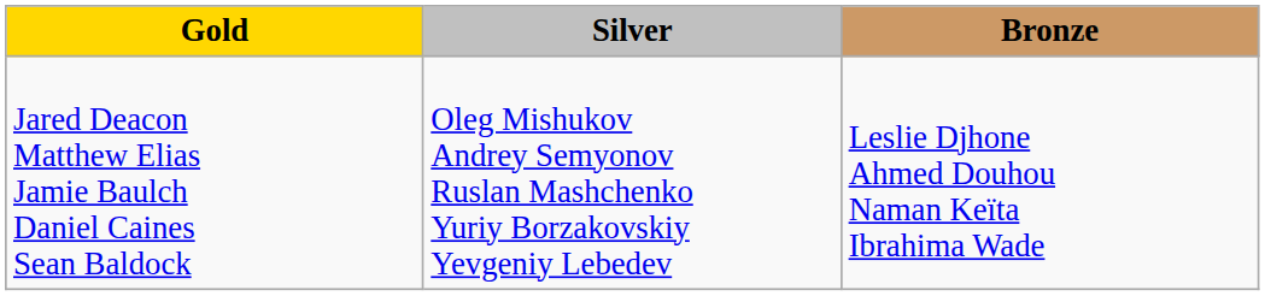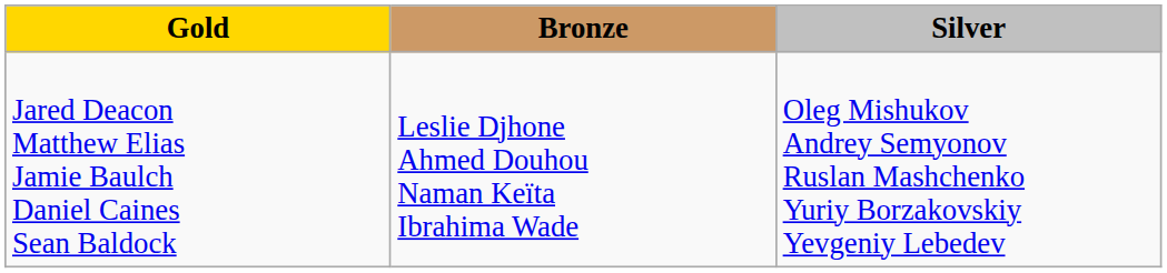 <table class="wikitable" style="text-align:left">
 <tr align="center">
 <td width=200 bgcolor=gold><strong>Gold</strong></td>
+<td width=200 bgcolor=CC9966><strong>Bronze</strong></td>
 <td width=200 bgcolor=silver><strong>Silver</strong></td>
-<td width=200 bgcolor=CC9966><strong>Bronze</strong></td>
 </tr>
 <tr>
 <td><em></em><br><a href='#'>Jared Deacon</a><br><a href='#'>Matthew Elias</a><br><a href='#'>Jamie Baulch</a><br><a href='#'>Daniel Caines</a><br><a href='#'>Sean Baldock</a></td>
+<td><em></em><br><a href='#'>Leslie Djhone</a><br><a href='#'>Ahmed Douhou</a><br><a href='#'>Naman Keïta</a><br><a href='#'>Ibrahima Wade</a></td>
 <td><em></em><br><a href='#'>Oleg Mishukov</a><br><a href='#'>Andrey Semyonov</a><br><a href='#'>Ruslan Mashchenko</a><br><a href='#'>Yuriy Borzakovskiy</a><br><a href='#'>Yevgeniy Lebedev</a></td>
-<td><em></em><br><a href='#'>Leslie Djhone</a><br><a href='#'>Ahmed Douhou</a><br><a href='#'>Naman Keïta</a><br><a href='#'>Ibrahima Wade</a></td>
 </tr>
 </table>
